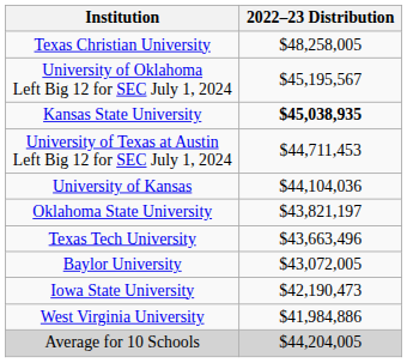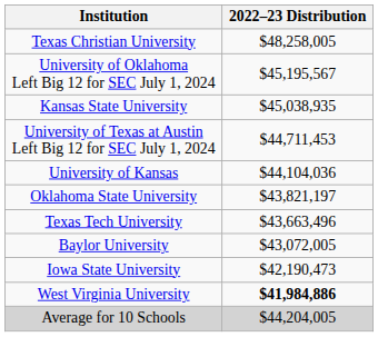 <table class="wikitable sortable" style="text-align: center">
 <tr>
 <th style="width:220px;">Institution</th>
 <th style="width:150px;">2022–23 Distribution</th>
 </tr>
 <tr>
 <td><a href='#'>Texas Christian University</a></td>
 <td>$48,258,005</td>
 </tr>
 <tr>
 <td><a href='#'>University of Oklahoma</a><br>Left Big 12 for <a href='#'>SEC</a> July 1, 2024</td>
 <td>$45,195,567</td>
 </tr>
 <tr>
 <td><a href='#'>Kansas State University</a></td>
-<td><strong>$45,038,935</strong></td>
+<td>$45,038,935</td>
 </tr>
 <tr>
 <td><a href='#'>University of Texas at Austin</a><br>Left Big 12 for <a href='#'>SEC</a> July 1, 2024</td>
 <td>$44,711,453</td>
 </tr>
 <tr>
 <td><a href='#'>University of Kansas</a></td>
 <td>$44,104,036</td>
 </tr>
 <tr>
 <td><a href='#'>Oklahoma State University</a></td>
 <td>$43,821,197</td>
 </tr>
 <tr>
 <td><a href='#'>Texas Tech University</a></td>
 <td>$43,663,496</td>
 </tr>
 <tr>
 <td><a href='#'>Baylor University</a></td>
 <td>$43,072,005</td>
 </tr>
 <tr>
 <td><a href='#'>Iowa State University</a></td>
 <td>$42,190,473</td>
 </tr>
 <tr>
 <td><a href='#'>West Virginia University</a></td>
-<td>$41,984,886</td>
+<td><strong>$41,984,886</strong></td>
 </tr>
 <tr class=sortbottom| bgcolor="lightgrey">
 <td>Average for 10 Schools</td>
 <td>$44,204,005</td>
 </tr>
 </table>
